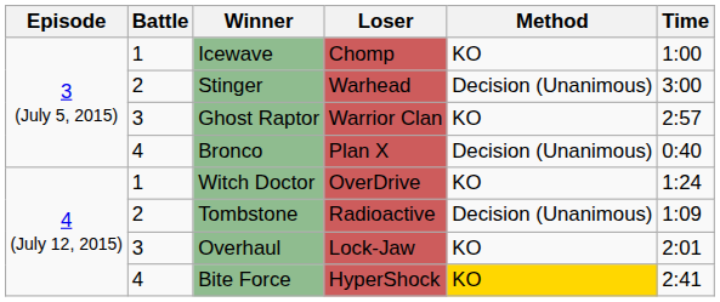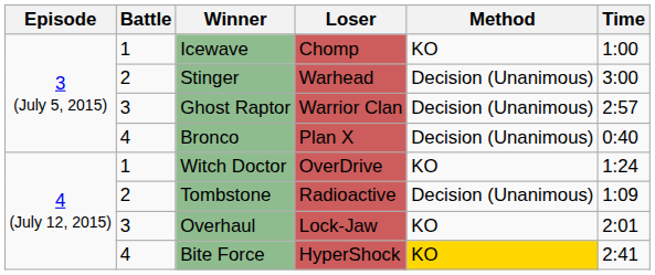 <table class="wikitable">
 <tr>
 <th>Episode</th>
 <th>Battle</th>
 <th>Winner</th>
 <th>Loser</th>
 <th>Method</th>
 <th>Time</th>
 </tr>
 <tr>
 <td style="text-align:center;" rowspan="4"><a href='#'>3</a><br><small>(July 5, 2015)</small></td>
 <td>1</td>
 <td style="background:DarkSeaGreen;">Icewave</td>
 <td style="background:IndianRed;">Chomp</td>
 <td>KO</td>
 <td>1:00</td>
 </tr>
 <tr>
 <td>2</td>
 <td style="background:DarkSeaGreen;">Stinger</td>
 <td style="background:IndianRed;">Warhead</td>
 <td>Decision (Unanimous)</td>
 <td>3:00</td>
 </tr>
 <tr>
 <td>3</td>
 <td style="background:DarkSeaGreen;">Ghost Raptor</td>
 <td style="background:IndianRed;">Warrior Clan</td>
-<td>KO</td>
+<td>Decision (Unanimous)</td>
 <td>2:57</td>
 </tr>
 <tr>
 <td>4</td>
 <td style="background:DarkSeaGreen;">Bronco</td>
 <td style="background:IndianRed;">Plan X</td>
 <td>Decision (Unanimous)</td>
 <td>0:40</td>
 </tr>
 <tr>
 <td style="text-align:center;" rowspan="4"><a href='#'>4</a><br><small>(July 12, 2015)</small></td>
 <td>1</td>
 <td style="background:DarkSeaGreen;">Witch Doctor</td>
 <td style="background:IndianRed;">OverDrive</td>
 <td>KO</td>
 <td>1:24</td>
 </tr>
 <tr>
 <td>2</td>
 <td style="background:DarkSeaGreen;">Tombstone</td>
 <td style="background:IndianRed;">Radioactive</td>
 <td>Decision (Unanimous)</td>
 <td>1:09</td>
 </tr>
 <tr>
 <td>3</td>
 <td style="background:DarkSeaGreen;">Overhaul</td>
 <td style="background:IndianRed;">Lock-Jaw</td>
 <td>KO</td>
 <td>2:01</td>
 </tr>
 <tr>
 <td>4</td>
 <td style="background:DarkSeaGreen;">Bite Force</td>
 <td style="background:IndianRed;">HyperShock</td>
 <td style="background: gold;">KO</td>
 <td>2:41</td>
 </tr>
 </table>
